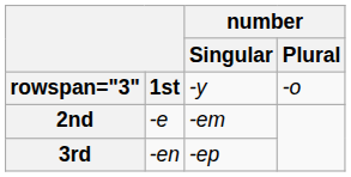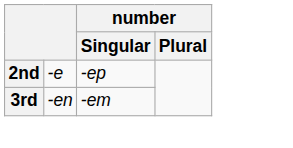 <table class="wikitable">
 <tr>
 <th rowspan="2" colspan="2"></th>
 <th colspan="2">number</th>
 </tr>
 <tr>
 <th>Singular</th>
 <th>Plural</th>
 </tr>
 <tr>
-<th>rowspan="3" </th>
-<th>1st</th>
-<td><em>-y</em></td>
-<td><em>-o</em></td>
-</tr>
-<tr>
 <th>2nd</th>
 <td><em>-e</em></td>
-<td><em>-em</em></td>
+<td><em>-ep</em></td>
 </tr>
 <tr>
 <th>3rd</th>
 <td><em>-en</em></td>
-<td><em>-ep</em></td>
+<td><em>-em</em></td>
 </tr>
 </table>
